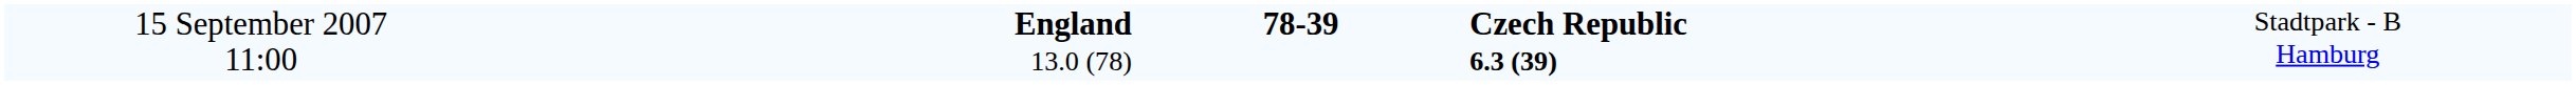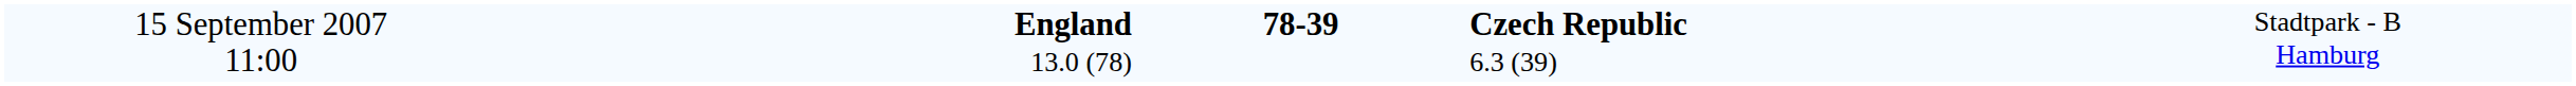 <table style="width: 100%; background:#F5FAFF;" cellspacing="0">
 <tr>
 <td align=center rowspan=3 width=20%>15 September 2007<br>11:00</td>
 </tr>
 <tr>
 <td width=24% align=right><strong>England</strong></td>
 <td align=center width=13%><strong>78-39</strong></td>
 <td width=24%><strong>Czech Republic</strong></td>
 <td style=font-size:85% rowspan=3 valign=top align=center>Stadtpark - B <br><a href='#'>Hamburg</a></td>
 </tr>
 <tr style=font-size:85%>
 <td align=right>13.0 (78)</td>
 <td align=center></td>
-<td><strong>6.3 (39)</strong></td>
+<td>6.3 (39)</td>
 </tr>
 </table>
